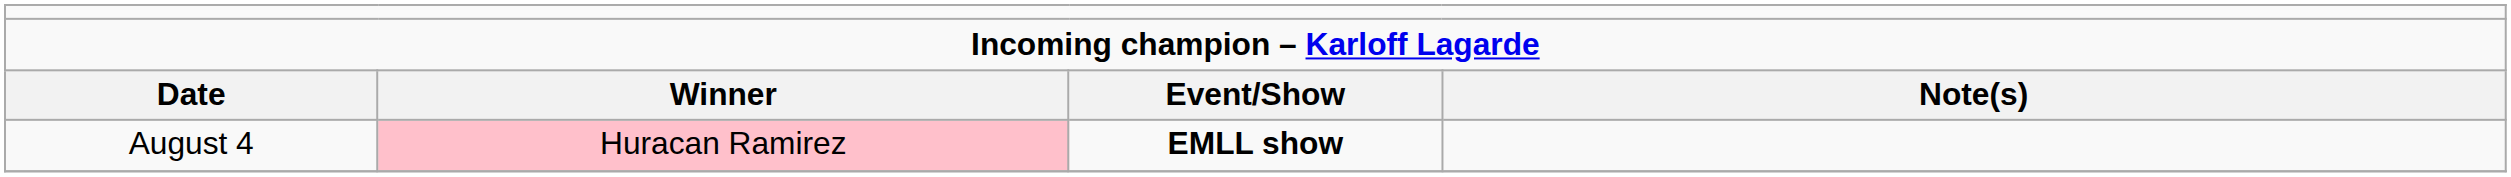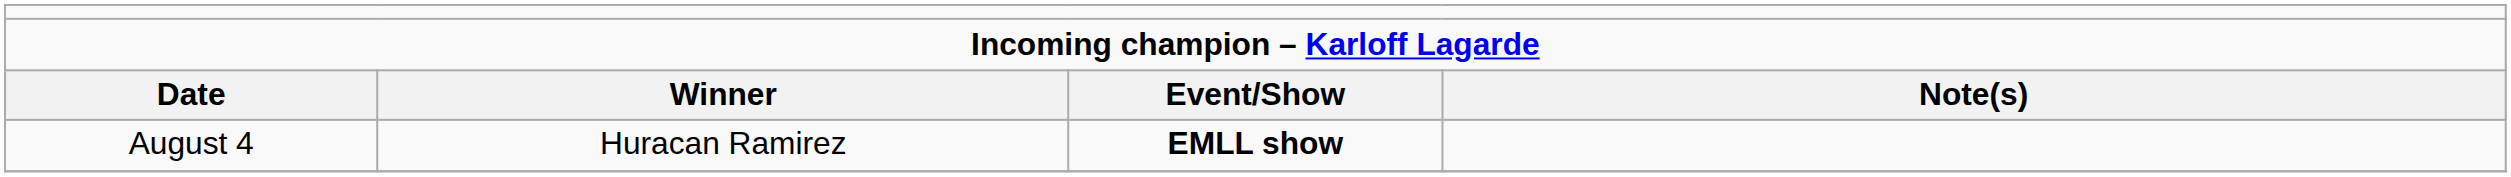 <table class="wikitable" style="text-align:center; width:100%;">
 <tr>
 <td colspan=5></td>
 </tr>
 <tr>
 <td colspan=5><strong>Incoming champion – <a href='#'>Karloff Lagarde</a></strong></td>
 </tr>
 <tr>
 <th width=14%>Date</th>
 <th width=26%>Winner</th>
 <th width=14%>Event/Show</th>
 <th width=40%>Note(s)</th>
 </tr>
 <tr>
 <td>August 4</td>
-<td style="background: pink;">Huracan Ramirez</td>
+<td>Huracan Ramirez</td>
 <td><strong>EMLL show</strong></td>
 <td></td>
 </tr>
 <tr>
 </tr>
 </table>
